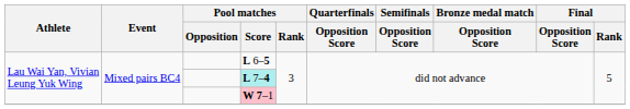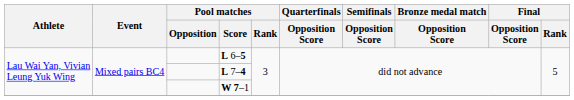 <table class=wikitable>
 <tr>
 <th rowspan="2">Athlete</th>
 <th rowspan="2">Event</th>
 <th colspan="3">Pool matches</th>
 <th>Quarterfinals</th>
 <th>Semifinals</th>
 <th>Bronze medal match</th>
 <th colspan=2>Final</th>
 </tr>
 <tr>
 <th>Opposition</th>
 <th>Score</th>
 <th>Rank</th>
 <th>Opposition<br>Score</th>
 <th>Opposition<br>Score</th>
 <th>Opposition<br>Score</th>
 <th>Opposition<br>Score</th>
 <th>Rank</th>
 </tr>
 <tr>
 <td rowspan="3"><a href='#'>Lau Wai Yan, Vivian</a><br><a href='#'>Leung Yuk Wing</a></td>
 <td rowspan="3"><a href='#'>Mixed pairs BC4</a></td>
 <td></td>
 <td><strong>L</strong> 6–<strong>5</strong></td>
 <td align="center" rowspan="3">3</td>
 <td align="center" rowspan="3" colspan=4>did not advance</td>
 <td align="center" rowspan="3">5</td>
 </tr>
 <tr>
 <td></td>
-<td style="background: paleturquoise;"><strong>L</strong> 7–<strong>4</strong></td>
+<td><strong>L</strong> 7–<strong>4</strong></td>
 </tr>
 <tr>
 <td></td>
-<td style="background: pink;"><strong>W</strong> <strong>7</strong>–1</td>
+<td><strong>W</strong> <strong>7</strong>–1</td>
 </tr>
 <tr>
 </tr>
 </table>
